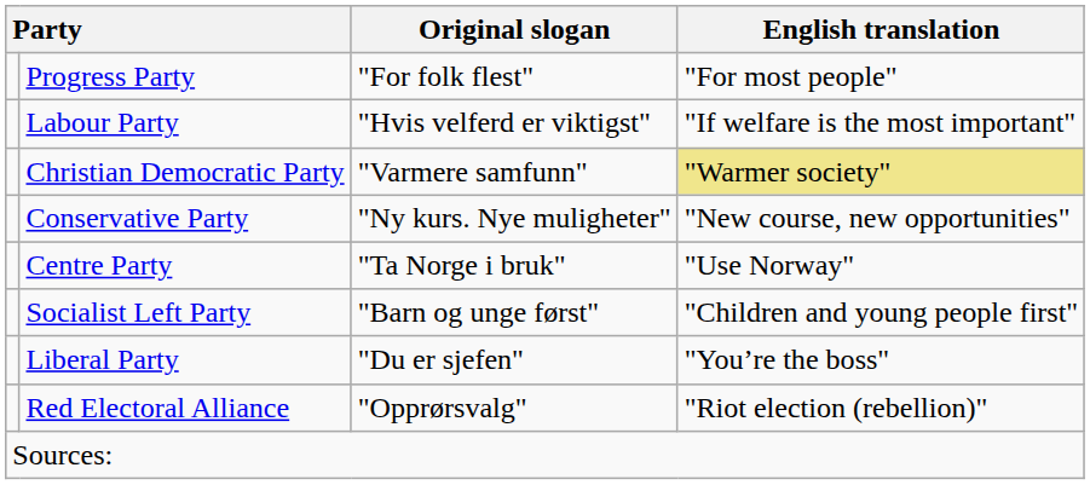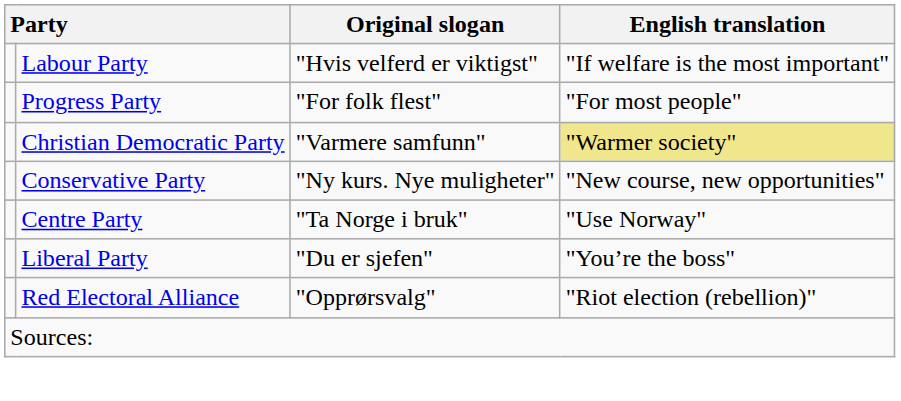 <table class="wikitable" style="font-size:97%; text-align:left">
 <tr>
 <th colspan="2" style="text-align:left;">Party</th>
 <th>Original slogan</th>
 <th>English translation</th>
 </tr>
 <tr>
 <td style="background:"></td>
+<td><a href='#'>Labour Party</a></td>
+<td>"Hvis velferd er viktigst"</td>
+<td>"If welfare is the most important"</td>
+</tr>
+<tr>
+<td style="background:"></td>
 <td><a href='#'>Progress Party</a></td>
 <td>"For folk flest"</td>
 <td>"For most people"</td>
-</tr>
-<tr>
-<td style="background:"></td>
-<td><a href='#'>Labour Party</a></td>
-<td>"Hvis velferd er viktigst"</td>
-<td>"If welfare is the most important"</td>
 </tr>
 <tr>
 <td style="background:"></td>
 <td><a href='#'>Christian Democratic Party</a></td>
 <td>"Varmere samfunn"</td>
 <td style="background: khaki;">"Warmer society"</td>
 </tr>
 <tr>
 <td style="background:"></td>
 <td><a href='#'>Conservative Party</a></td>
 <td>"Ny kurs. Nye muligheter"</td>
 <td>"New course, new opportunities"</td>
 </tr>
 <tr>
 <td style="background:"></td>
 <td><a href='#'>Centre Party</a></td>
 <td>"Ta Norge i bruk"</td>
 <td>"Use Norway"</td>
 </tr>
 <tr>
 <td style="background:"></td>
-<td><a href='#'>Socialist Left Party</a></td>
-<td>"Barn og unge først"</td>
-<td>"Children and young people first"</td>
-</tr>
-<tr>
-<td style="background:"></td>
 <td><a href='#'>Liberal Party</a></td>
 <td>"Du er sjefen"</td>
 <td>"You’re the boss"</td>
 </tr>
 <tr>
 <td style="background:"></td>
 <td><a href='#'>Red Electoral Alliance</a></td>
 <td>"Opprørsvalg"</td>
 <td>"Riot election (rebellion)"</td>
 </tr>
 <tr>
 <td colspan="4">Sources: </td>
 </tr>
 </table>
